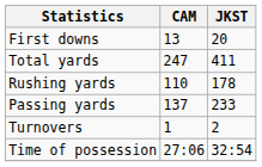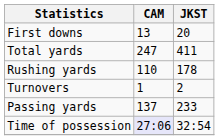 <table class="wikitable">
 <tr>
 <th>Statistics</th>
 <th>CAM</th>
 <th>JKST</th>
 </tr>
 <tr>
 <td>First downs</td>
 <td>13</td>
 <td>20</td>
 </tr>
 <tr>
 <td>Total yards</td>
 <td>247</td>
 <td>411</td>
 </tr>
 <tr>
 <td>Rushing yards</td>
 <td>110</td>
 <td>178</td>
 </tr>
 <tr>
+<td>Turnovers</td>
+<td>1</td>
+<td>2</td>
+</tr>
+<tr>
 <td>Passing yards</td>
 <td>137</td>
 <td>233</td>
 </tr>
 <tr>
-<td>Turnovers</td>
-<td>1</td>
-<td>2</td>
-</tr>
-<tr>
 <td>Time of possession</td>
-<td>27:06</td>
+<td style="background: lavender;">27:06</td>
 <td>32:54</td>
 </tr>
 <tr>
 </tr>
 </table>
